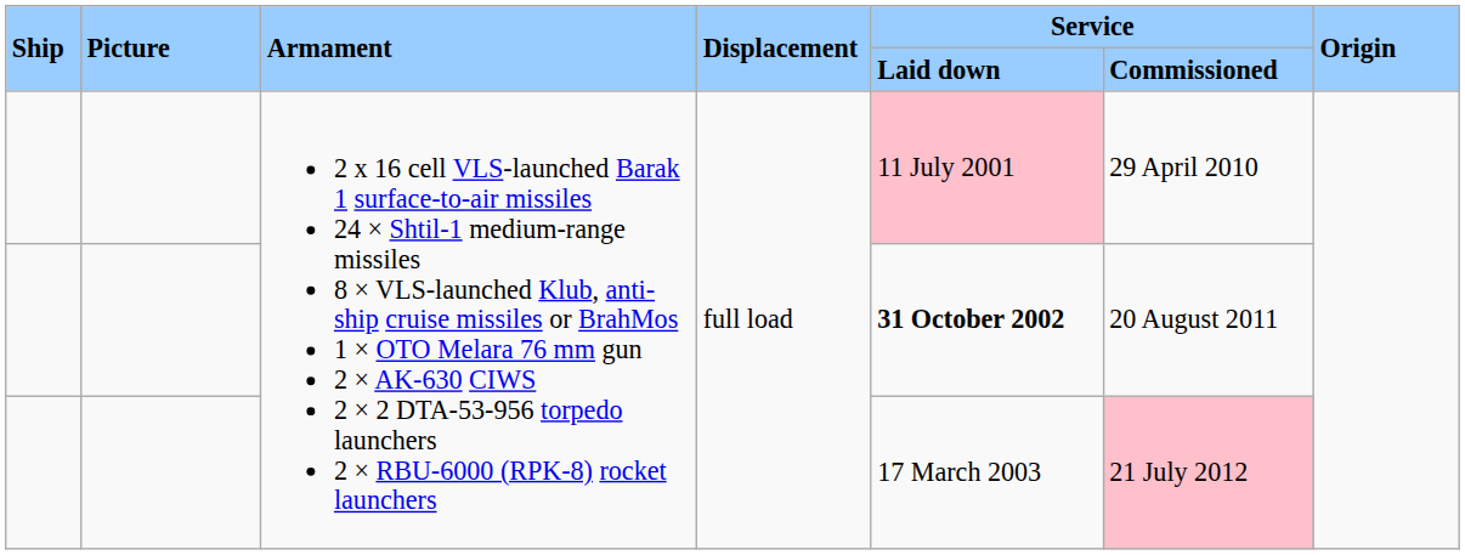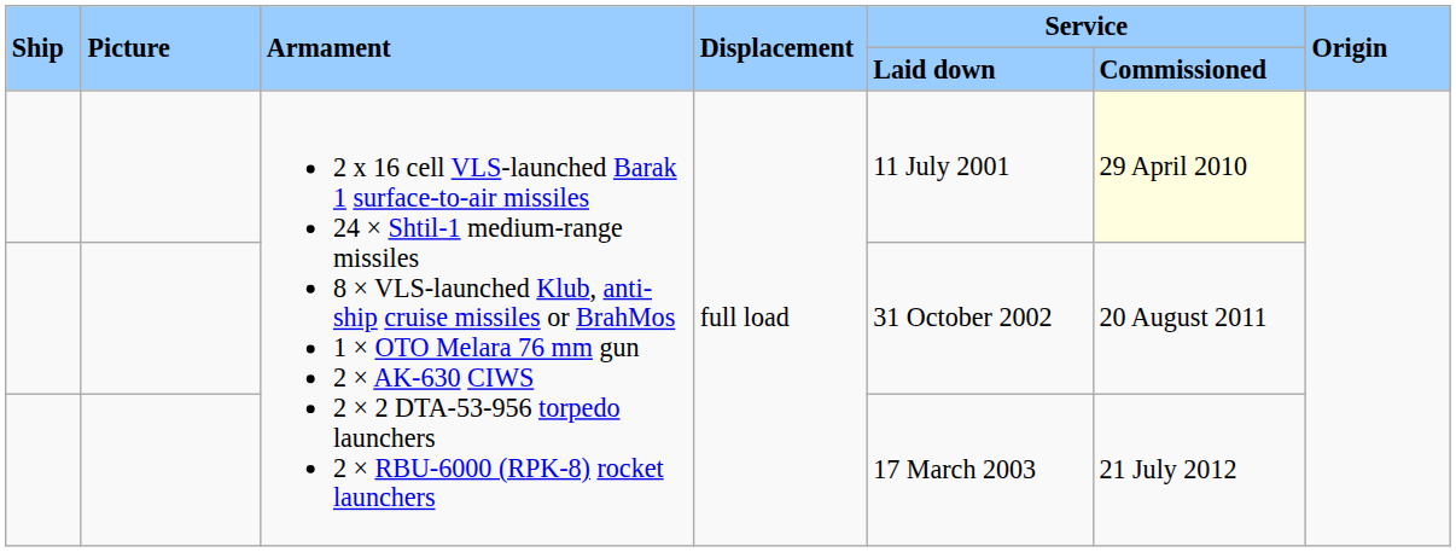 <table class="wikitable">
 <tr>
 <th align= center scope=col rowspan=2 style="text-align:left; background:#9cf;"><div>Ship</div></th>
 <th align= center scope=col rowspan=2 style="text-align:left; width:100px; background:#9cf;"><div>Picture</div></th>
 <th align= center scope=col rowspan=2 style="text-align:left; width:30%;background:#9cf;"><div>Armament</div></th>
 <th align= center scope=col rowspan=2 style="text-align:left; width:12%; background:#9cf;"><div>Displacement</div></th>
 <th align= center scope=col colspan=2 style="text-align:center; background:#9cf;"><div>Service</div></th>
 <th align= center scope=col rowspan=2 style="text-align:left; width:10%; background:#9cf;"><div>Origin</div></th>
 </tr>
 <tr>
 <th align= center scope=col style="text-align:left; background:#9cf;"><div>Laid down</div></th>
 <th align= center scope=col style="text-align:left; background:#9cf;"><div>Commissioned</div></th>
 </tr>
 <tr>
 <td></td>
 <td></td>
 <td rowspan=3><br><ul><li>2 x 16 cell <a href='#'>VLS</a>-launched <a href='#'>Barak 1</a> <a href='#'>surface-to-air missiles</a></li><li>24 × <a href='#'>Shtil-1</a> medium-range missiles</li><li>8 × VLS-launched <a href='#'>Klub</a>, <a href='#'>anti-ship</a> <a href='#'>cruise missiles</a> or <a href='#'>BrahMos</a></li><li>1 × <a href='#'>OTO Melara 76 mm</a> gun</li><li>2 × <a href='#'>AK-630</a> <a href='#'>CIWS</a></li><li>2 × 2 DTA-53-956 <a href='#'>torpedo</a> launchers</li><li>2 × <a href='#'>RBU-6000 (RPK-8)</a> <a href='#'>rocket launchers</a></li></ul></td>
 <td rowspan=3>  full load</td>
-<td style="background: pink;">11 July 2001</td>
-<td>29 April 2010</td>
+<td>11 July 2001</td>
+<td style="background: lightyellow;">29 April 2010</td>
 <td rowspan=3></td>
 </tr>
 <tr>
 <td></td>
 <td></td>
-<td><strong>31 October 2002</strong></td>
+<td>31 October 2002</td>
 <td>20 August 2011</td>
 </tr>
 <tr>
 <td></td>
 <td></td>
 <td>17 March 2003</td>
-<td style="background: pink;">21 July 2012</td>
+<td>21 July 2012</td>
 </tr>
 </table>
